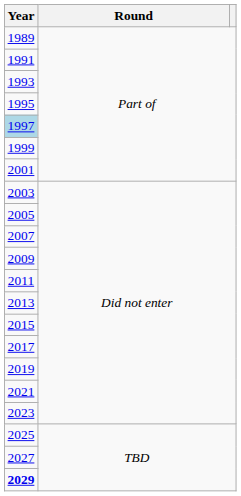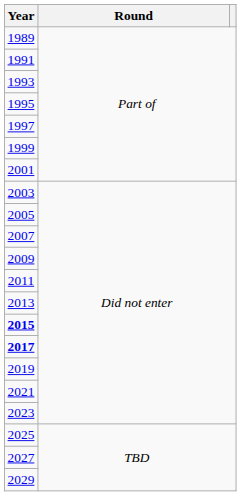 <table class="wikitable" style="text-align: center; font-size:90%">
 <tr>
 <th>Year</th>
 <th style="width:200px">Round</th>
 <th></th>
 </tr>
 <tr>
 <td><a href='#'>1989</a></td>
 <td colspan="2" rowspan="7"><em>Part of </em></td>
 </tr>
 <tr>
 <td><a href='#'>1991</a></td>
 </tr>
 <tr>
 <td><a href='#'>1993</a></td>
 </tr>
 <tr>
 <td><a href='#'>1995</a></td>
 </tr>
 <tr>
-<td style="background: lightblue;"><a href='#'>1997</a></td>
+<td><a href='#'>1997</a></td>
 </tr>
 <tr>
 <td><a href='#'>1999</a></td>
 </tr>
 <tr>
 <td><a href='#'>2001</a></td>
 </tr>
 <tr>
 <td><a href='#'>2003</a></td>
 <td colspan="2" rowspan="11"><em>Did not enter</em></td>
 </tr>
 <tr>
 <td><a href='#'>2005</a></td>
 </tr>
 <tr>
 <td><a href='#'>2007</a></td>
 </tr>
 <tr>
 <td><a href='#'>2009</a></td>
 </tr>
 <tr>
 <td><a href='#'>2011</a></td>
 </tr>
 <tr>
 <td><a href='#'>2013</a></td>
 </tr>
 <tr>
-<td><a href='#'>2015</a></td>
+<td><strong><a href='#'>2015</a></strong></td>
 </tr>
 <tr>
-<td><a href='#'>2017</a></td>
+<td><strong><a href='#'>2017</a></strong></td>
 </tr>
 <tr>
 <td><a href='#'>2019</a></td>
 </tr>
 <tr>
 <td><a href='#'>2021</a></td>
 </tr>
 <tr>
 <td><a href='#'>2023</a></td>
 </tr>
 <tr>
 <td><a href='#'>2025</a></td>
 <td colspan="2" rowspan="3"><em>TBD</em></td>
 </tr>
 <tr>
 <td><a href='#'>2027</a></td>
 </tr>
 <tr>
-<td><strong><a href='#'>2029</a></strong></td>
+<td><a href='#'>2029</a></td>
 </tr>
 </table>
